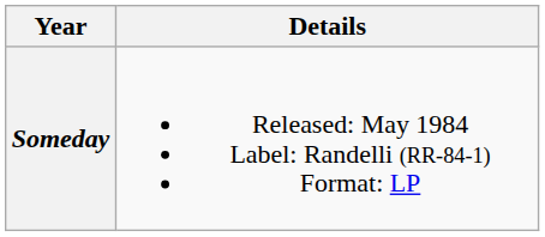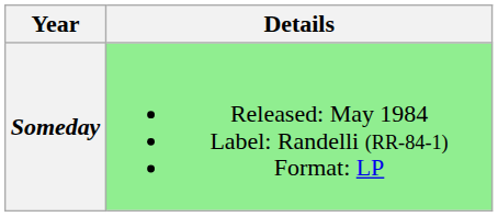 <table class="wikitable plainrowheaders" style="text-align:center;" border="1">
 <tr>
 <th rowspan="1" width="35px">Year</th>
 <th rowspan="1" width="250px">Details</th>
 </tr>
 <tr>
 <th scope="row"><em>Someday</em></th>
-<td><br><ul><li>Released: May 1984</li><li>Label: Randelli <small>(RR-84-1)</small></li><li>Format: <a href='#'>LP</a></li></ul></td>
+<td style="background: lightgreen;"><br><ul><li>Released: May 1984</li><li>Label: Randelli <small>(RR-84-1)</small></li><li>Format: <a href='#'>LP</a></li></ul></td>
 </tr>
 </table>
